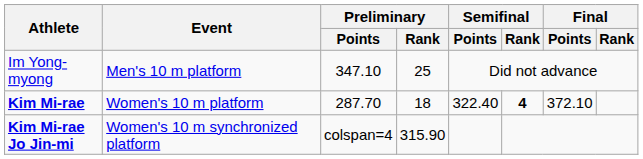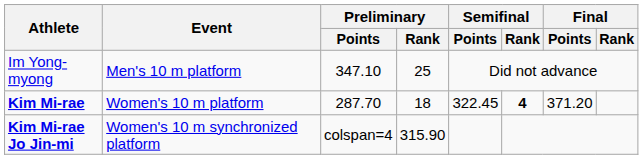 <table class=wikitable style=font-size:90%;text-align:center>
 <tr>
 <th rowspan=2>Athlete</th>
 <th rowspan=2>Event</th>
 <th colspan=2>Preliminary</th>
 <th colspan=2>Semifinal</th>
 <th colspan=2>Final</th>
 </tr>
 <tr style=font-size:95%>
 <th>Points</th>
 <th>Rank</th>
 <th>Points</th>
 <th>Rank</th>
 <th>Points</th>
 <th>Rank</th>
 </tr>
 <tr align=center>
 <td align=left><a href='#'>Im Yong-myong</a></td>
 <td align=left><a href='#'>Men's 10 m platform</a></td>
 <td>347.10</td>
 <td>25</td>
 <td colspan=4>Did not advance</td>
 </tr>
 <tr align=center>
 <td align=left><strong><a href='#'>Kim Mi-rae</a></strong></td>
 <td align=left><a href='#'>Women's 10 m platform</a></td>
 <td>287.70</td>
 <td>18</td>
-<td>322.40</td>
+<td>322.45</td>
 <td><strong>4</strong></td>
-<td>372.10</td>
+<td>371.20</td>
 <td></td>
 </tr>
 <tr align=center>
 <td align=left><strong><a href='#'>Kim Mi-rae</a><br><a href='#'>Jo Jin-mi</a></strong></td>
 <td align=left><a href='#'>Women's 10 m synchronized platform</a></td>
 <td>colspan=4 </td>
 <td>315.90</td>
 <td></td>
 </tr>
 </table>
